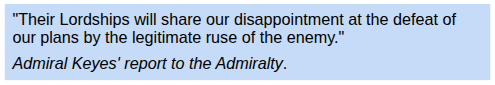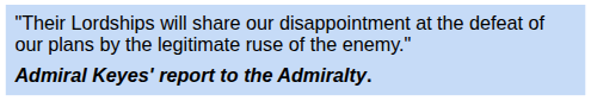 <table class="toccolours" style="float: right; margin-left: 2em; margin-right: 1em; font-size: 85%; background:#c6dbf7; colour:black; width:30em; max-width: 40%;" cellspacing="5">
 <tr>
 <td style="text-align: left;">"Their Lordships will share our disappointment at the defeat of our plans by the legitimate ruse of the enemy."</td>
 </tr>
 <tr>
-<td style="text-align: left;"><em>Admiral Keyes' report to the Admiralty</em>.</td>
+<td style="text-align: left;"><strong><em>Admiral Keyes' report to the Admiralty</em>.</strong></td>
 </tr>
 </table>
